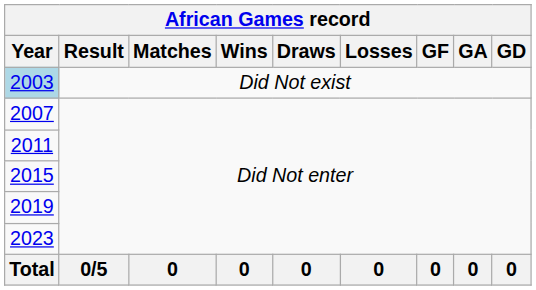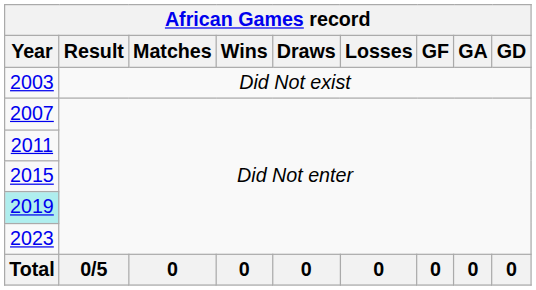 <table class="wikitable" style="text-align: center;">
 <tr>
 <th colspan=9><a href='#'>African Games</a> record</th>
 </tr>
 <tr>
 <th>Year</th>
 <th>Result</th>
 <th>Matches</th>
 <th>Wins</th>
 <th>Draws</th>
 <th>Losses</th>
 <th>GF</th>
 <th>GA</th>
 <th>GD</th>
 </tr>
 <tr>
-<td style="background: lightblue;"> <a href='#'>2003</a></td>
+<td> <a href='#'>2003</a></td>
 <td colspan=8><em>Did Not exist</em></td>
 </tr>
 <tr>
 <td> <a href='#'>2007</a></td>
 <td colspan=8  rowspan= 5><em>Did Not enter</em></td>
 </tr>
 <tr>
 <td> <a href='#'>2011</a></td>
 </tr>
 <tr>
 <td> <a href='#'>2015</a></td>
 </tr>
 <tr>
-<td> <a href='#'>2019</a></td>
+<td style="background: paleturquoise;"> <a href='#'>2019</a></td>
 </tr>
 <tr>
 <td> <a href='#'>2023</a></td>
 </tr>
 <tr>
 <th>Total</th>
 <th>0/5</th>
 <th>0</th>
 <th>0</th>
 <th>0</th>
 <th>0</th>
 <th>0</th>
 <th>0</th>
 <th>0</th>
 </tr>
 </table>
